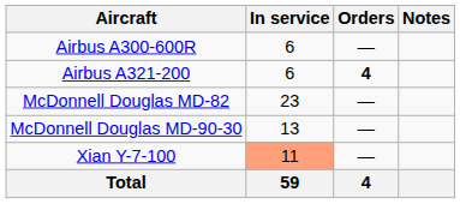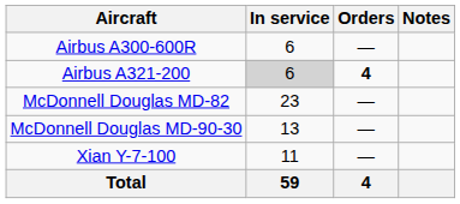 <table class="wikitable" style="margin:1em auto; border-collapse:collapse;text-align:center">
 <tr>
 <th style=>Aircraft</th>
 <th style=>In service</th>
 <th style=>Orders</th>
 <th style=>Notes</th>
 </tr>
 <tr>
 <td><a href='#'>Airbus A300-600R</a></td>
 <td>6</td>
 <td>—</td>
 <td></td>
 </tr>
 <tr>
 <td><a href='#'>Airbus A321-200</a></td>
-<td>6</td>
+<td style="background: lightgrey;">6</td>
 <td><strong>4</strong></td>
 <td></td>
 </tr>
 <tr>
 <td><a href='#'>McDonnell Douglas MD-82</a></td>
 <td>23</td>
 <td>—</td>
 <td></td>
 </tr>
 <tr>
 <td><a href='#'>McDonnell Douglas MD-90-30</a></td>
 <td>13</td>
 <td>—</td>
 <td></td>
 </tr>
 <tr>
 <td><a href='#'>Xian Y-7-100</a></td>
-<td style="background: lightsalmon;">11</td>
+<td>11</td>
 <td>—</td>
 <td></td>
 </tr>
 <tr>
 <th>Total</th>
 <th>59</th>
 <th>4</th>
 <th colspan=2></th>
 </tr>
 </table>
